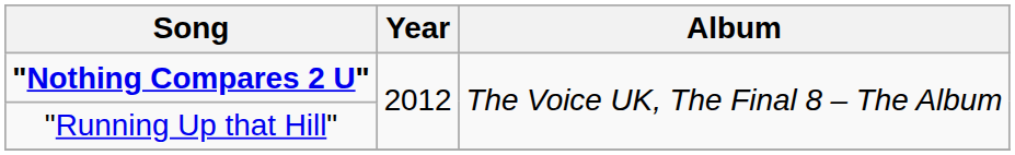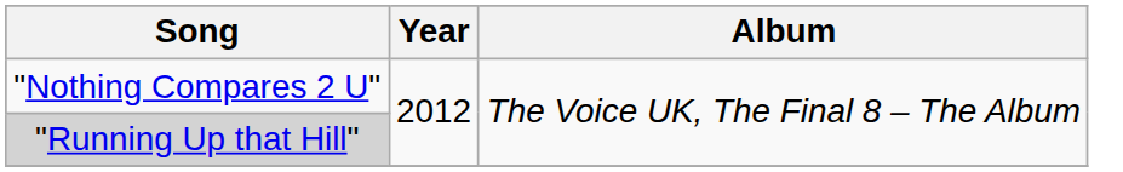 <table class="wikitable plainrowheaders" style="text-align:center;">
 <tr>
 <th scope="col">Song</th>
 <th scope="col">Year</th>
 <th scope="col">Album</th>
 </tr>
 <tr>
-<td><strong>"<a href='#'>Nothing Compares 2 U</a>"</strong></td>
+<td>"<a href='#'>Nothing Compares 2 U</a>"</td>
 <td rowspan="2">2012</td>
 <td rowspan="2"><em>The Voice UK, The Final 8 – The Album</em></td>
 </tr>
 <tr>
-<td>"<a href='#'>Running Up that Hill</a>"</td>
+<td style="background: lightgrey;">"<a href='#'>Running Up that Hill</a>"</td>
 </tr>
 <tr>
 </tr>
 </table>
